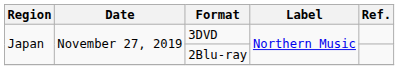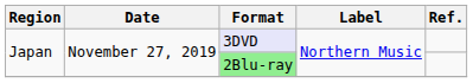 <table class="wikitable sortable plainrowheaders">
 <tr>
 <th scope="col">Region</th>
 <th scope="col">Date</th>
 <th scope="col">Format</th>
 <th scope="col">Label</th>
 <th scope="col">Ref.</th>
 </tr>
 <tr>
 <td rowspan="2">Japan</td>
 <td rowspan="2">November 27, 2019</td>
-<td>3DVD</td>
+<td style="background: lavender;">3DVD</td>
 <td rowspan="2"><a href='#'>Northern Music</a></td>
 <td></td>
 </tr>
 <tr>
-<td>2Blu-ray</td>
+<td style="background: lightgreen;">2Blu-ray</td>
 <td></td>
 </tr>
 <tr>
 </tr>
 </table>
